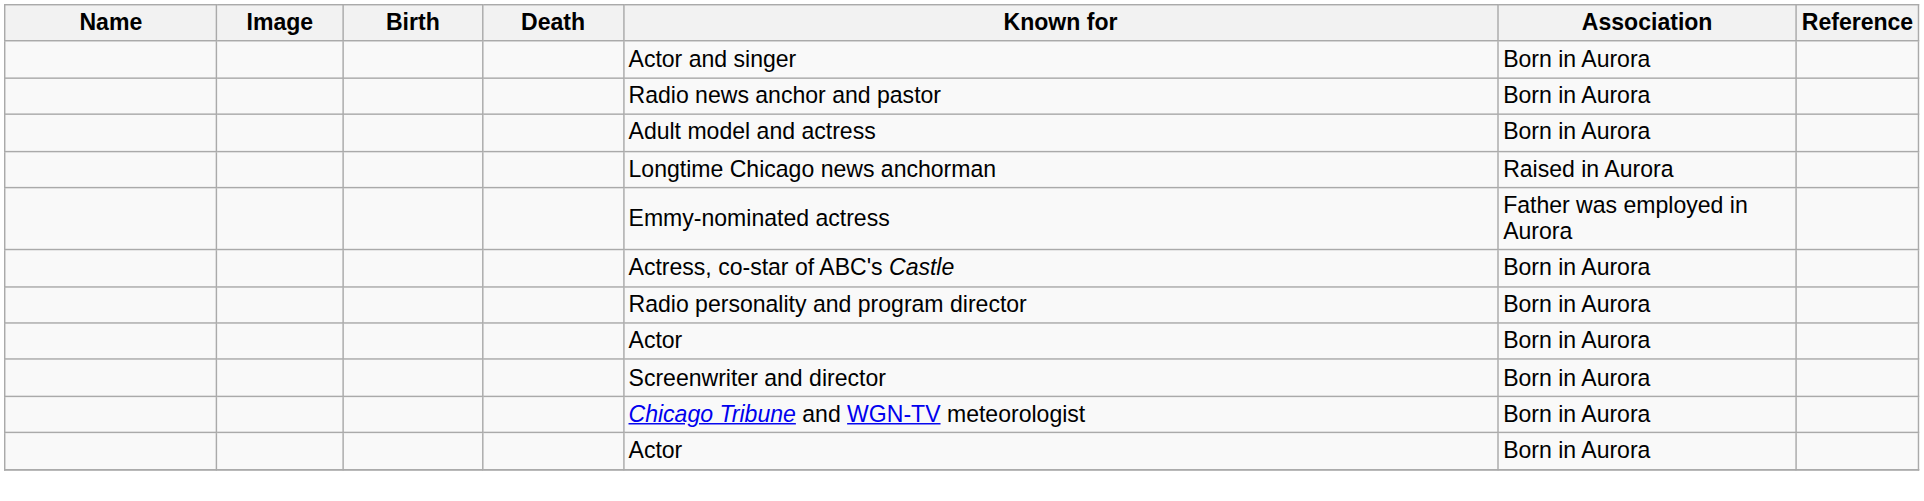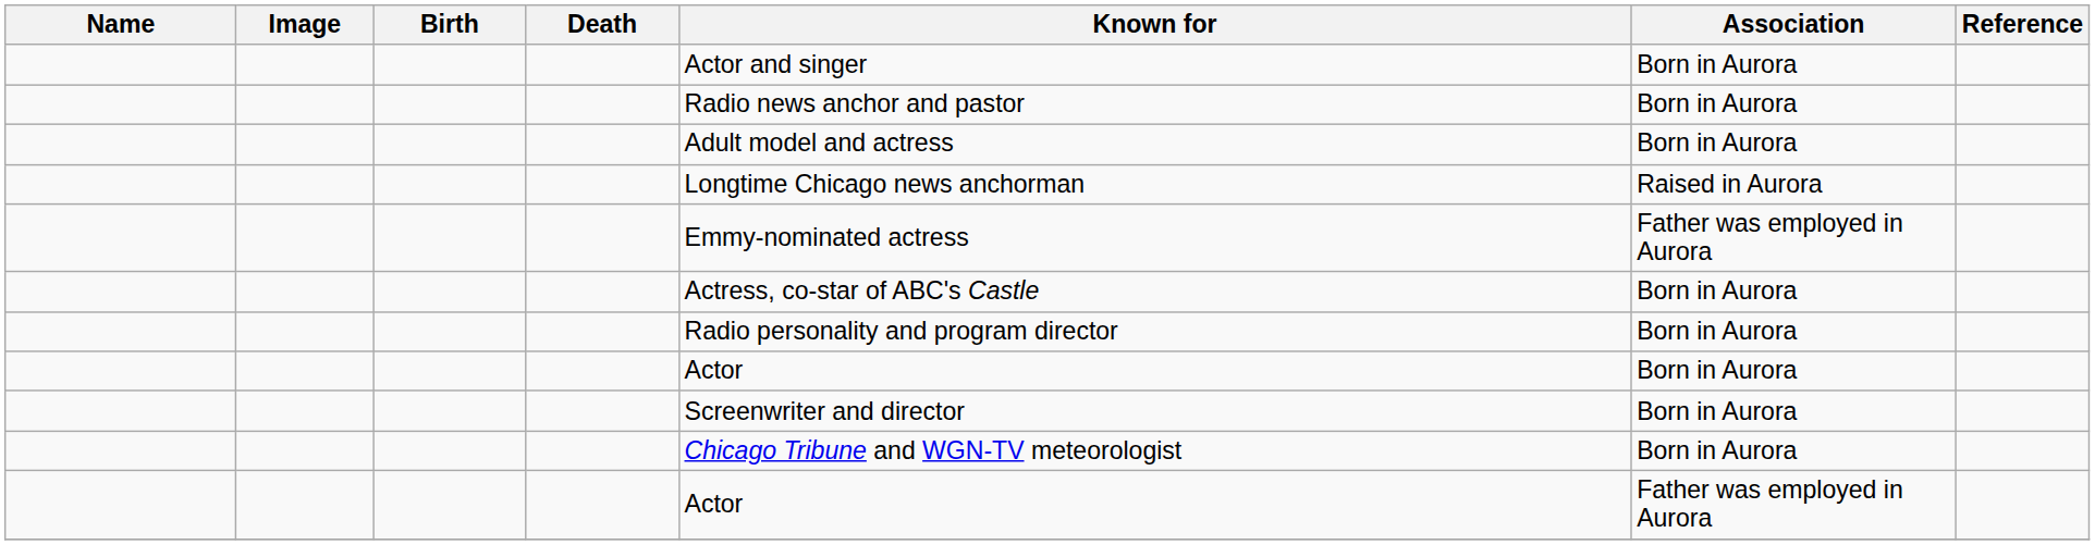 <table class="wikitable sortable">
 <tr>
 <th scope="col" width="140">Name</th>
 <th scope="col" width="80" class="unsortable">Image</th>
 <th scope="col" width="90">Birth</th>
 <th scope="col" width="90">Death</th>
 <th scope="col" width="600" class="unsortable">Known for</th>
 <th scope="col" width="200" class="unsortable">Association</th>
 <th scope="col" width="30" class="unsortable">Reference</th>
 </tr>
 <tr>
 <td></td>
 <td></td>
 <td align="right"></td>
 <td></td>
 <td>Actor and singer</td>
 <td>Born in Aurora</td>
 <td align="center"></td>
 </tr>
 <tr>
 <td></td>
 <td></td>
 <td align="right"></td>
 <td align="right"></td>
 <td>Radio news anchor and pastor</td>
 <td>Born in Aurora</td>
 <td></td>
 </tr>
 <tr>
 <td></td>
 <td></td>
 <td align="right"></td>
 <td></td>
 <td>Adult model and actress</td>
 <td>Born in Aurora</td>
 <td align="center"></td>
 </tr>
 <tr>
 <td></td>
 <td></td>
 <td align="right"></td>
 <td align="right"></td>
 <td>Longtime Chicago news anchorman</td>
 <td>Raised in Aurora</td>
 <td></td>
 </tr>
 <tr>
 <td></td>
 <td></td>
 <td align="right"></td>
 <td align="right"></td>
 <td>Emmy-nominated actress</td>
 <td>Father was employed in Aurora</td>
 <td></td>
 </tr>
 <tr>
 <td></td>
 <td></td>
 <td align="right"></td>
 <td></td>
 <td>Actress, co-star of ABC's <em>Castle</em></td>
 <td>Born in Aurora</td>
 <td align="center"></td>
 </tr>
 <tr>
 <td></td>
 <td></td>
 <td align="right"></td>
 <td></td>
 <td>Radio personality and program director</td>
 <td>Born in Aurora</td>
 <td></td>
 </tr>
 <tr>
 <td></td>
 <td></td>
 <td align="right"></td>
 <td></td>
 <td>Actor</td>
 <td>Born in Aurora</td>
 <td align="center"></td>
 </tr>
 <tr>
 <td></td>
 <td></td>
 <td align="right"></td>
 <td></td>
 <td>Screenwriter and director</td>
 <td>Born in Aurora</td>
 <td></td>
 </tr>
 <tr>
 <td></td>
 <td></td>
 <td align="right"></td>
 <td></td>
 <td><em><a href='#'>Chicago Tribune</a></em> and <a href='#'>WGN-TV</a> meteorologist</td>
 <td>Born in Aurora</td>
 <td></td>
 </tr>
 <tr>
 <td></td>
 <td></td>
 <td></td>
 <td></td>
 <td>Actor</td>
-<td>Born in Aurora</td>
+<td>Father was employed in Aurora</td>
 <td align="center"></td>
 </tr>
 <tr>
 </tr>
 </table>
